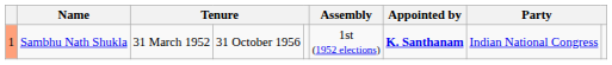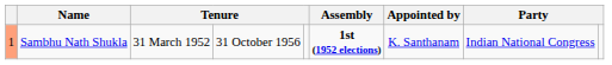 <table class="wikitable" style="text-align:center">
 <tr>
 <th scope="col"></th>
 <th scope="col">Name</th>
 <th colspan="3" scope="col">Tenure</th>
 <th scope="col">Assembly</th>
 <th>Appointed by</th>
 <th colspan="2">Party</th>
 </tr>
 <tr>
 <td scope="row" style="background: lightsalmon;">1</td>
 <td><a href='#'>Sambhu Nath Shukla</a></td>
 <td>31 March 1952</td>
 <td>31 October 1956</td>
 <td></td>
-<td>1st<br><small> (<a href='#'>1952 elections</a>)</small></td>
-<td><strong><a href='#'>K. Santhanam</a></strong></td>
+<td><strong>1st<br><small> (<a href='#'>1952 elections</a>)</small></strong></td>
+<td><a href='#'>K. Santhanam</a></td>
 <td><a href='#'>Indian National Congress</a></td>
 <td style="background-color:"></td>
 </tr>
 </table>
